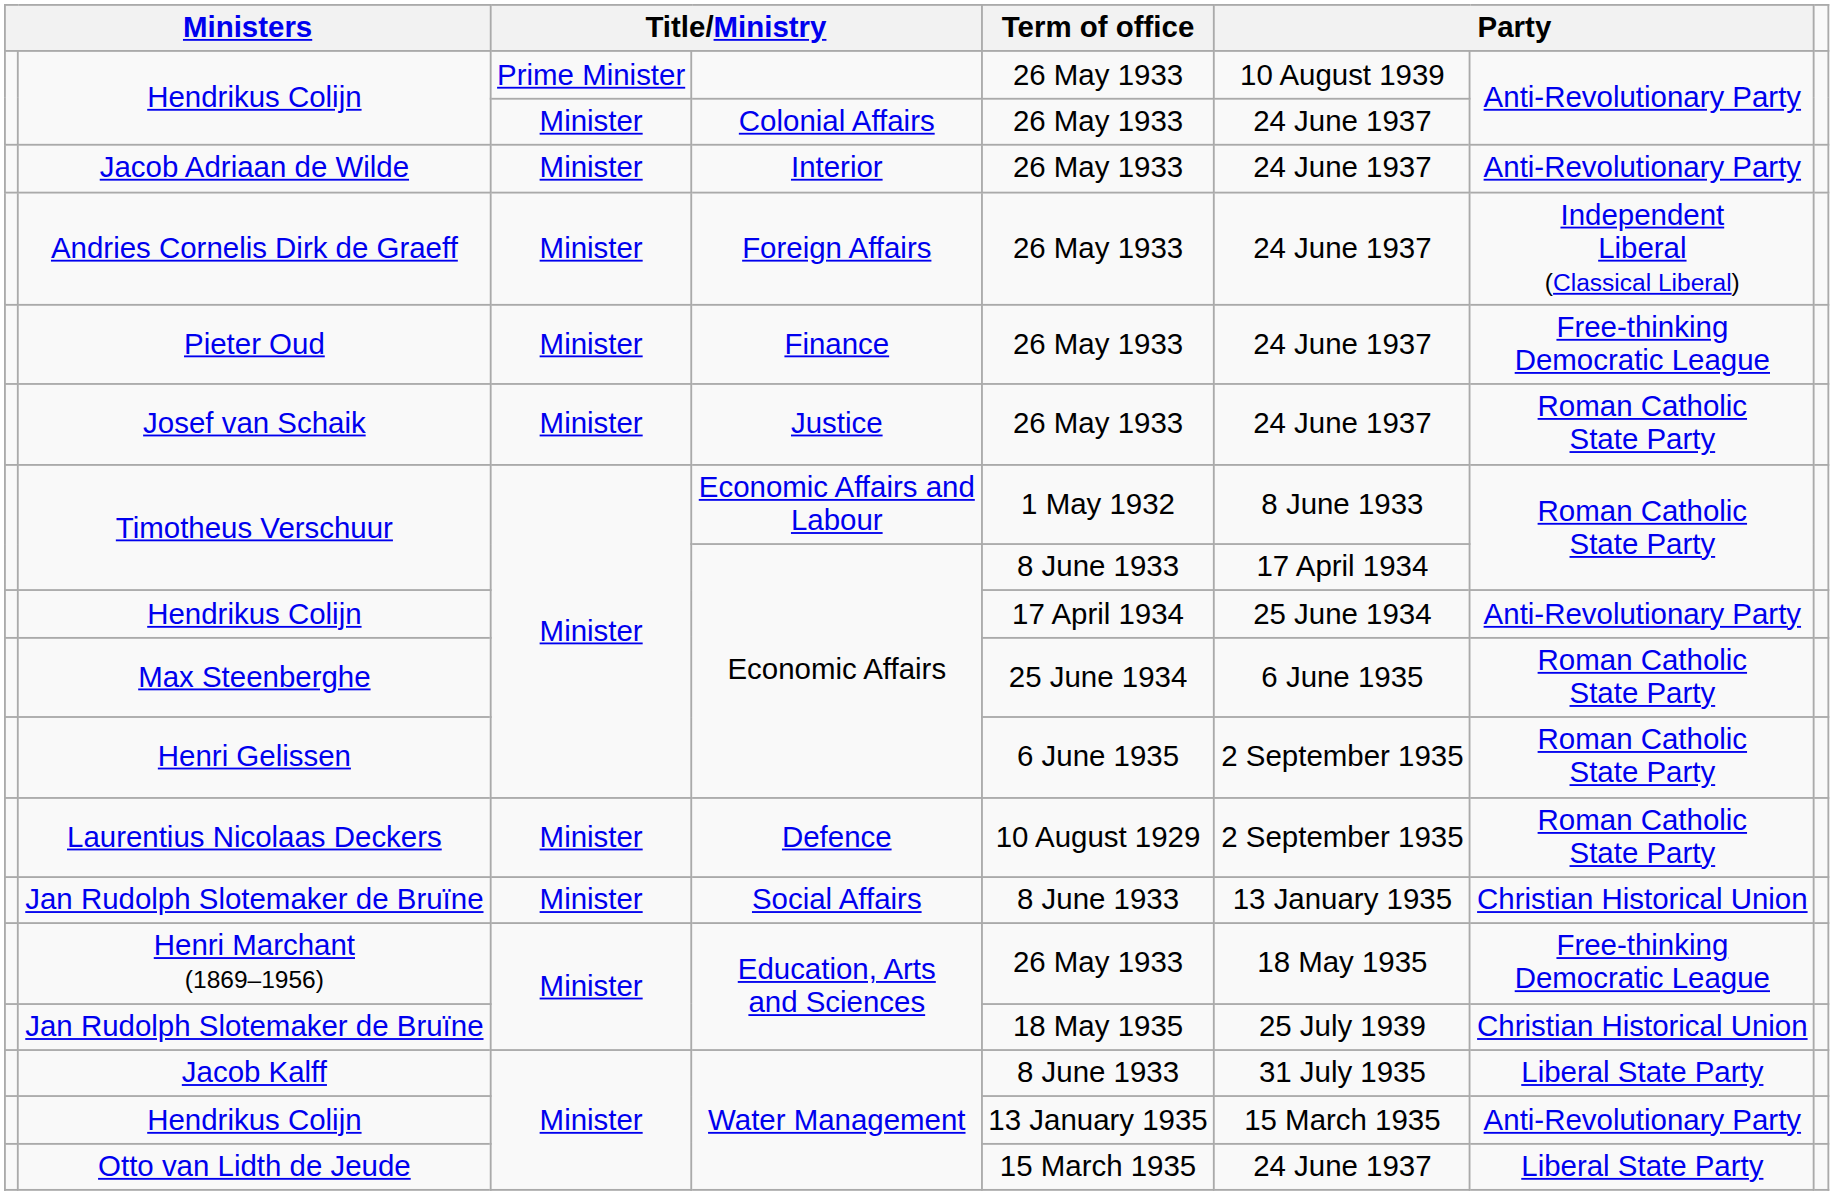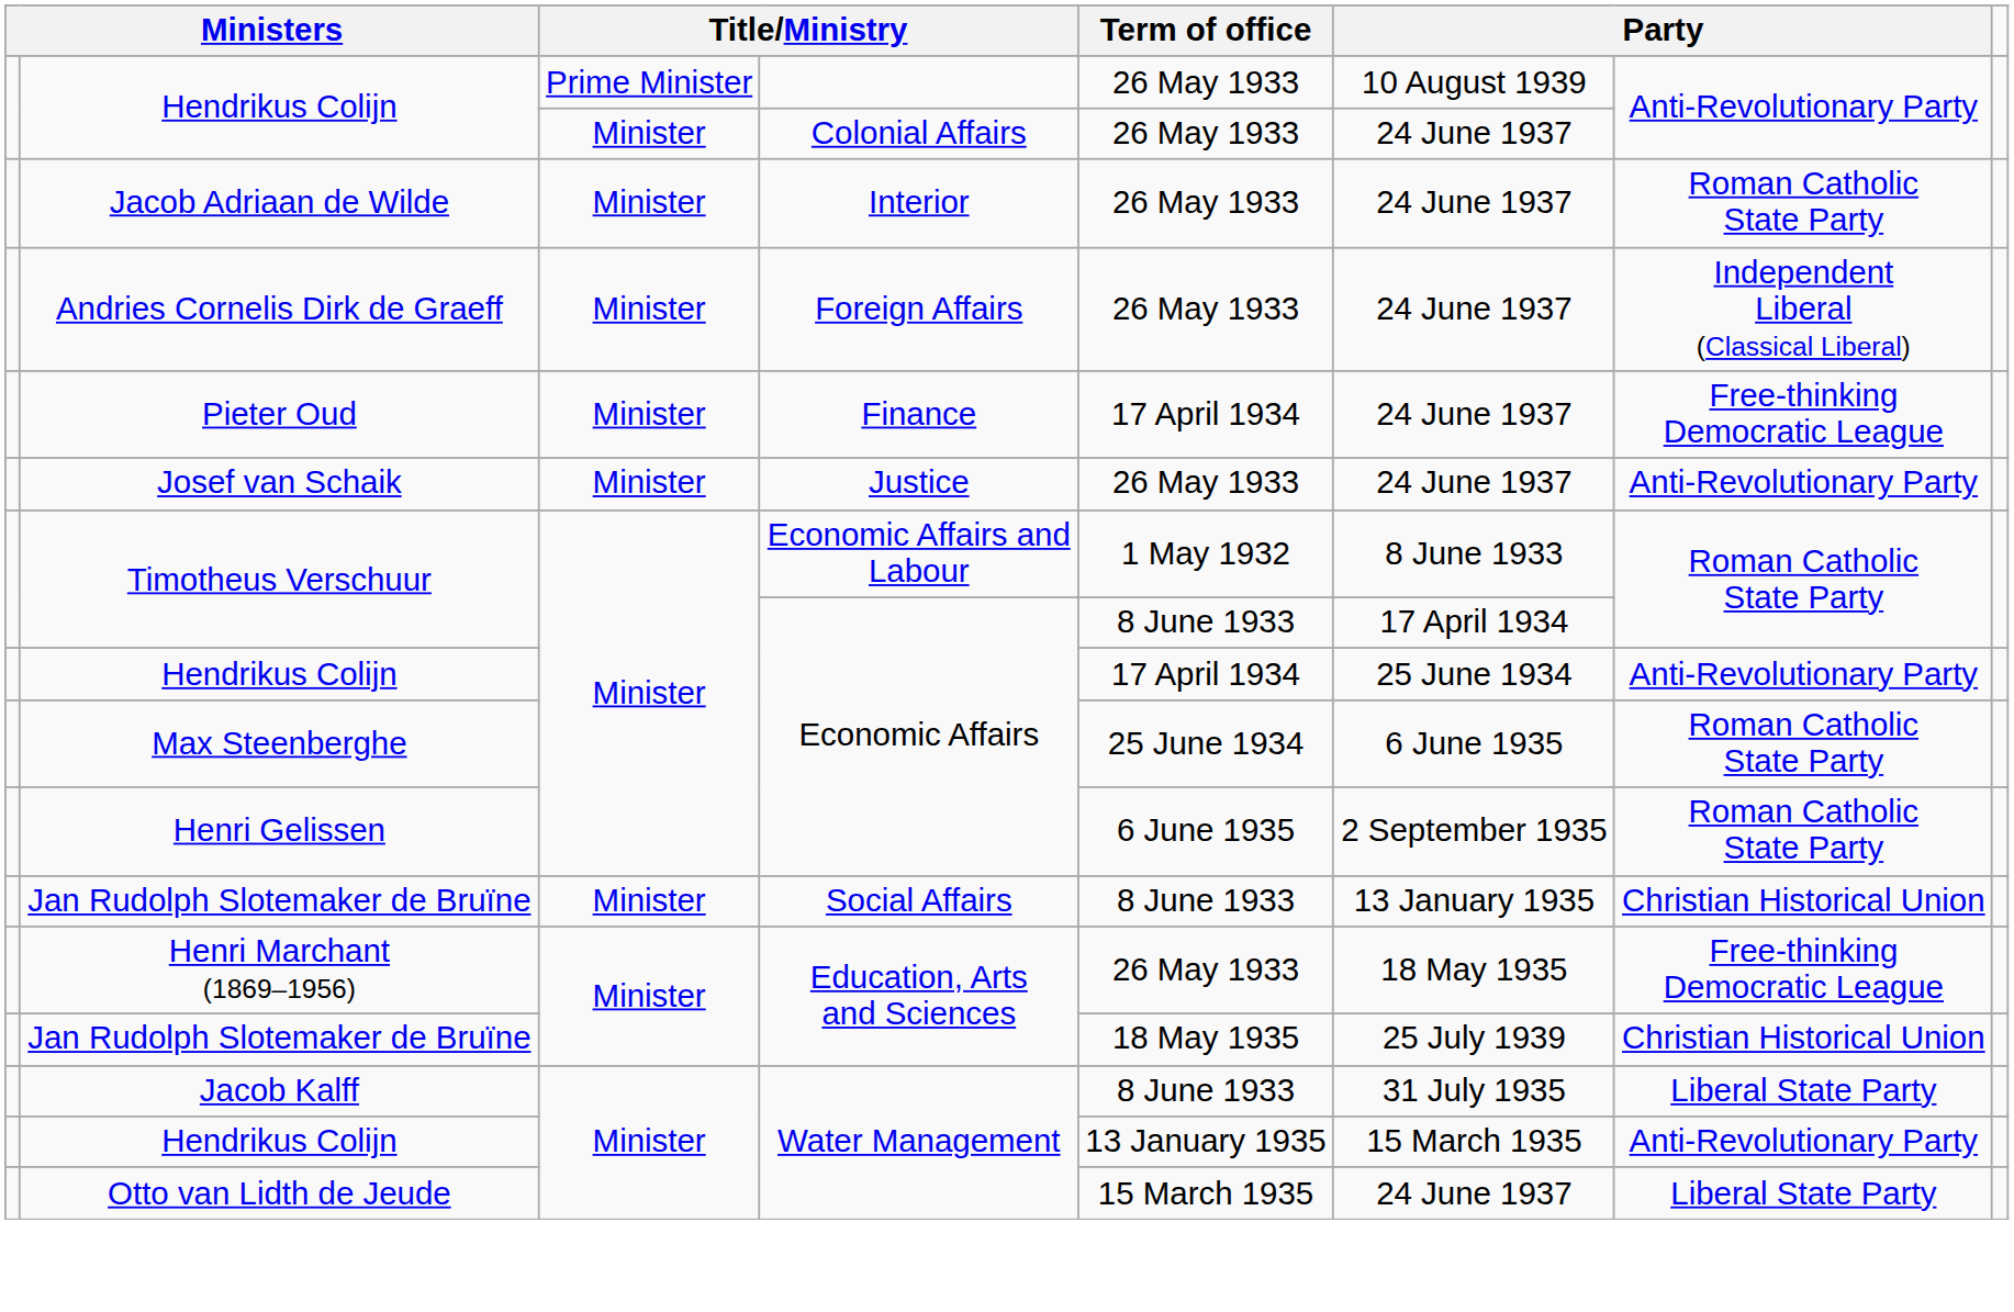 <table class="wikitable" style="text-align:center">
 <tr>
 <th colspan=2><a href='#'>Ministers</a></th>
 <th colspan=2>Title/<a href='#'>Ministry</a></th>
 <th>Term of office</th>
 <th colspan=2>Party</th>
 </tr>
 <tr>
 <td rowspan=2></td>
 <td rowspan=2><a href='#'>Hendrikus Colijn</a></td>
 <td><a href='#'>Prime Minister</a></td>
 <td></td>
 <td>26 May 1933</td>
 <td>10 August 1939</td>
 <td rowspan=2><a href='#'>Anti-Revolutionary Party</a></td>
 <td rowspan=2 style="background:"></td>
 </tr>
 <tr>
 <td><a href='#'>Minister</a></td>
 <td><a href='#'>Colonial Affairs</a></td>
 <td>26 May 1933</td>
 <td>24 June 1937</td>
 </tr>
 <tr>
 <td></td>
 <td><a href='#'>Jacob Adriaan de Wilde</a></td>
 <td><a href='#'>Minister</a></td>
 <td><a href='#'>Interior</a></td>
 <td>26 May 1933</td>
 <td>24 June 1937</td>
-<td><a href='#'>Anti-Revolutionary Party</a></td>
+<td><a href='#'>Roman Catholic <br> State Party</a></td>
 <td style="background:"></td>
 </tr>
 <tr>
 <td></td>
 <td><a href='#'>Andries Cornelis Dirk de Graeff</a></td>
 <td><a href='#'>Minister</a></td>
 <td><a href='#'>Foreign Affairs</a></td>
 <td>26 May 1933</td>
 <td>24 June 1937</td>
 <td><a href='#'>Independent <br> Liberal</a> <br> <small>(<a href='#'>Classical Liberal</a>)</small></td>
 <td style="background:"></td>
 </tr>
 <tr>
 <td></td>
 <td><a href='#'>Pieter Oud</a></td>
 <td><a href='#'>Minister</a></td>
 <td><a href='#'>Finance</a></td>
-<td>26 May 1933</td>
+<td>17 April 1934</td>
 <td>24 June 1937</td>
 <td><a href='#'>Free-thinking <br> Democratic League</a></td>
 <td style="background:"></td>
 </tr>
 <tr>
 <td></td>
 <td><a href='#'>Josef van Schaik</a></td>
 <td><a href='#'>Minister</a></td>
 <td><a href='#'>Justice</a></td>
 <td>26 May 1933</td>
 <td>24 June 1937</td>
-<td><a href='#'>Roman Catholic <br> State Party</a></td>
+<td><a href='#'>Anti-Revolutionary Party</a></td>
 <td style="background:"></td>
 </tr>
 <tr>
 <td rowspan=2></td>
 <td rowspan=2><a href='#'>Timotheus Verschuur</a></td>
 <td rowspan=5><a href='#'>Minister</a></td>
 <td><a href='#'>Economic Affairs and <br> Labour</a></td>
 <td>1 May 1932</td>
 <td>8 June 1933</td>
 <td rowspan=2><a href='#'>Roman Catholic <br> State Party</a></td>
 <td rowspan=2 style="background:"></td>
 </tr>
 <tr>
 <td rowspan=4>Economic Affairs</td>
 <td>8 June 1933</td>
 <td>17 April 1934</td>
 </tr>
 <tr>
 <td></td>
 <td><a href='#'>Hendrikus Colijn</a></td>
 <td>17 April 1934</td>
 <td>25 June 1934</td>
 <td><a href='#'>Anti-Revolutionary Party</a></td>
 <td style="background:"></td>
 </tr>
 <tr>
 <td></td>
 <td><a href='#'>Max Steenberghe</a></td>
 <td>25 June 1934</td>
 <td>6 June 1935</td>
 <td><a href='#'>Roman Catholic <br> State Party</a></td>
 <td style="background:"></td>
 </tr>
 <tr>
 <td></td>
 <td><a href='#'>Henri Gelissen</a></td>
 <td>6 June 1935</td>
-<td>2 September 1935</td>
-<td><a href='#'>Roman Catholic <br> State Party</a></td>
-<td style="background:"></td>
-</tr>
-<tr>
-<td></td>
-<td><a href='#'>Laurentius Nicolaas Deckers</a></td>
-<td><a href='#'>Minister</a></td>
-<td><a href='#'>Defence</a></td>
-<td>10 August 1929</td>
 <td>2 September 1935</td>
 <td><a href='#'>Roman Catholic <br> State Party</a></td>
 <td style="background:"></td>
 </tr>
 <tr>
 <td></td>
 <td><a href='#'>Jan Rudolph Slotemaker de Bruïne</a></td>
 <td><a href='#'>Minister</a></td>
 <td><a href='#'>Social Affairs</a></td>
 <td>8 June 1933</td>
 <td>13 January 1935</td>
 <td><a href='#'>Christian Historical Union</a></td>
 <td style="background:"></td>
 </tr>
 <tr>
 <td></td>
 <td><a href='#'>Henri Marchant</a> <br> <small>(1869–1956)</small></td>
 <td rowspan=2><a href='#'>Minister</a></td>
 <td rowspan=2><a href='#'>Education, Arts <br> and Sciences</a></td>
 <td>26 May 1933</td>
 <td>18 May 1935</td>
 <td><a href='#'>Free-thinking <br> Democratic League</a></td>
 <td style="background:"></td>
 </tr>
 <tr>
 <td></td>
 <td><a href='#'>Jan Rudolph Slotemaker de Bruïne</a></td>
 <td>18 May 1935</td>
 <td>25 July 1939</td>
 <td><a href='#'>Christian Historical Union</a></td>
 <td style="background:"></td>
 </tr>
 <tr>
 <td></td>
 <td><a href='#'>Jacob Kalff</a></td>
 <td rowspan=3><a href='#'>Minister</a></td>
 <td rowspan=3><a href='#'>Water Management</a></td>
 <td>8 June 1933</td>
 <td>31 July 1935</td>
 <td><a href='#'>Liberal State Party</a></td>
 <td style="background:"></td>
 </tr>
 <tr>
 <td></td>
 <td><a href='#'>Hendrikus Colijn</a></td>
 <td>13 January 1935</td>
 <td>15 March 1935</td>
 <td><a href='#'>Anti-Revolutionary Party</a></td>
 <td style="background:"></td>
 </tr>
 <tr>
 <td></td>
 <td><a href='#'>Otto van Lidth de Jeude</a></td>
 <td>15 March 1935</td>
 <td>24 June 1937</td>
 <td><a href='#'>Liberal State Party</a></td>
 <td style="background:"></td>
 </tr>
 </table>
